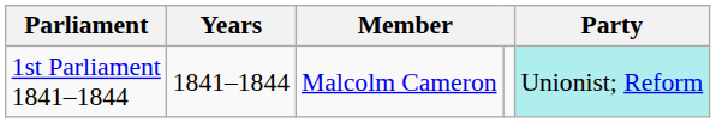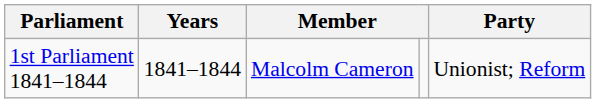 <table class="wikitable">
 <tr>
 <th>Parliament</th>
 <th>Years</th>
 <th colspan="2">Member</th>
 <th>Party</th>
 </tr>
 <tr>
 <td><a href='#'>1st Parliament</a><br>1841–1844</td>
 <td>1841–1844</td>
 <td><a href='#'>Malcolm Cameron</a></td>
 <td></td>
-<td style="background: paleturquoise;">Unionist; <a href='#'>Reform</a></td>
+<td>Unionist; <a href='#'>Reform</a></td>
 </tr>
 </table>
